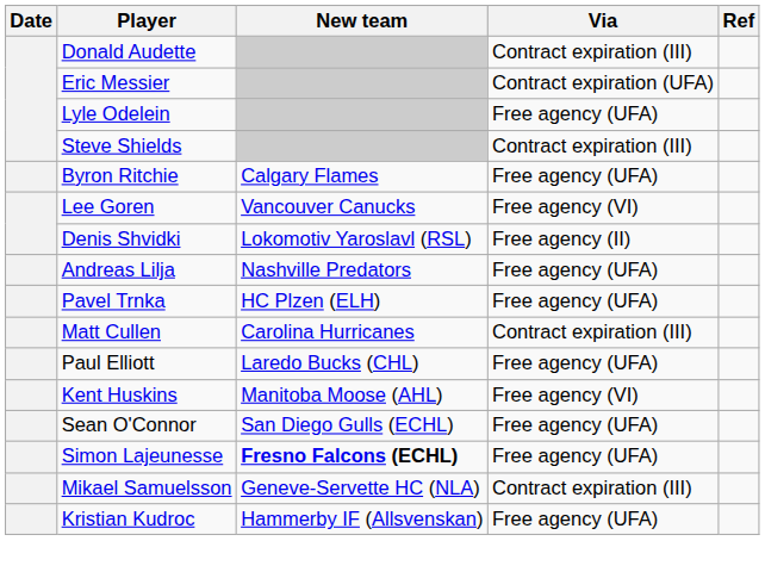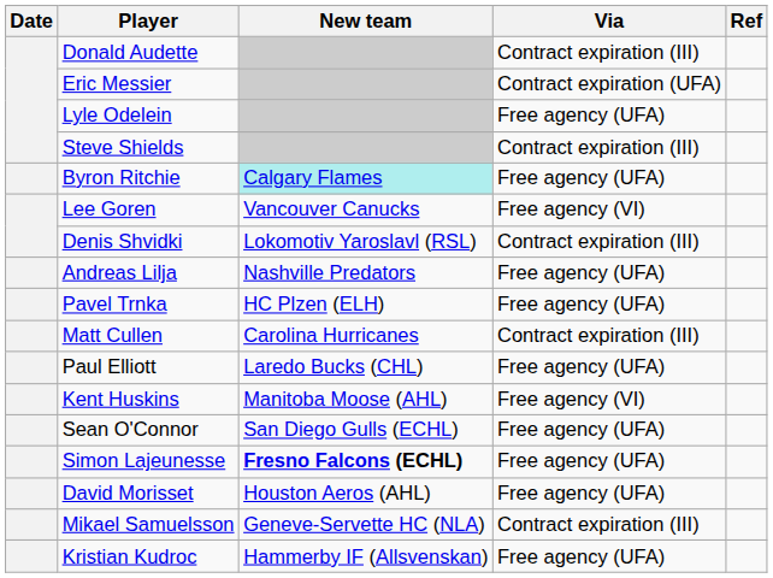 <table class="wikitable plainrowheaders">
 <tr style="background:#ddd; text-align:center;">
 <th>Date</th>
 <th>Player</th>
 <th>New team</th>
 <th>Via</th>
 <th>Ref</th>
 </tr>
 <tr>
 <th scope="row" rowspan=4></th>
 <td><a href='#'>Donald Audette</a></td>
 <td style="background:#ccc"></td>
 <td>Contract expiration (III)</td>
 <td></td>
 </tr>
 <tr>
 <td><a href='#'>Eric Messier</a></td>
 <td style="background:#ccc"></td>
 <td>Contract expiration (UFA)</td>
 <td></td>
 </tr>
 <tr>
 <td><a href='#'>Lyle Odelein</a></td>
 <td style="background:#ccc"></td>
 <td>Free agency (UFA)</td>
 <td></td>
 </tr>
 <tr>
 <td><a href='#'>Steve Shields</a></td>
 <td style="background:#ccc"></td>
 <td>Contract expiration (III)</td>
 <td></td>
 </tr>
 <tr>
 <th scope="row"></th>
 <td><a href='#'>Byron Ritchie</a></td>
-<td><a href='#'>Calgary Flames</a></td>
+<td style="background: paleturquoise;"><a href='#'>Calgary Flames</a></td>
 <td>Free agency (UFA)</td>
 <td></td>
 </tr>
 <tr>
 <th scope="row" rowspan=2></th>
 <td><a href='#'>Lee Goren</a></td>
 <td><a href='#'>Vancouver Canucks</a></td>
 <td>Free agency (VI)</td>
 <td></td>
 </tr>
 <tr>
 <td><a href='#'>Denis Shvidki</a></td>
 <td><a href='#'>Lokomotiv Yaroslavl</a> (<a href='#'>RSL</a>)</td>
-<td>Free agency (II)</td>
+<td>Contract expiration (III)</td>
 <td></td>
 </tr>
 <tr>
 <th scope="row"></th>
 <td><a href='#'>Andreas Lilja</a></td>
 <td><a href='#'>Nashville Predators</a></td>
 <td>Free agency (UFA)</td>
 <td></td>
 </tr>
 <tr>
 <th scope="row"></th>
 <td><a href='#'>Pavel Trnka</a></td>
 <td><a href='#'>HC Plzen</a> (<a href='#'>ELH</a>)</td>
 <td>Free agency (UFA)</td>
 <td></td>
 </tr>
 <tr>
 <th scope="row"></th>
 <td><a href='#'>Matt Cullen</a></td>
 <td><a href='#'>Carolina Hurricanes</a></td>
 <td>Contract expiration (III)</td>
 <td></td>
 </tr>
 <tr>
 <th scope="row"></th>
 <td>Paul Elliott</td>
 <td><a href='#'>Laredo Bucks</a> (<a href='#'>CHL</a>)</td>
 <td>Free agency (UFA)</td>
 <td></td>
 </tr>
 <tr>
 <th scope="row"></th>
 <td><a href='#'>Kent Huskins</a></td>
 <td><a href='#'>Manitoba Moose</a> (<a href='#'>AHL</a>)</td>
 <td>Free agency (VI)</td>
 <td></td>
 </tr>
 <tr>
 <th scope="row"></th>
 <td>Sean O'Connor</td>
 <td><a href='#'>San Diego Gulls</a> (<a href='#'>ECHL</a>)</td>
 <td>Free agency (UFA)</td>
 <td></td>
 </tr>
 <tr>
 <th scope="row"></th>
 <td><a href='#'>Simon Lajeunesse</a></td>
 <td><strong><a href='#'>Fresno Falcons</a> (ECHL)</strong></td>
 <td>Free agency (UFA)</td>
 <td></td>
 </tr>
 <tr>
 <th scope="row"></th>
+<td><a href='#'>David Morisset</a></td>
+<td><a href='#'>Houston Aeros</a> (AHL)</td>
+<td>Free agency (UFA)</td>
+<td></td>
+</tr>
+<tr>
+<th scope="row"></th>
 <td><a href='#'>Mikael Samuelsson</a></td>
 <td><a href='#'>Geneve-Servette HC</a> (<a href='#'>NLA</a>)</td>
 <td>Contract expiration (III)</td>
 <td></td>
 </tr>
 <tr>
 <th scope="row"></th>
 <td><a href='#'>Kristian Kudroc</a></td>
 <td><a href='#'>Hammerby IF</a> (<a href='#'>Allsvenskan</a>)</td>
 <td>Free agency (UFA)</td>
 <td></td>
 </tr>
 </table>
